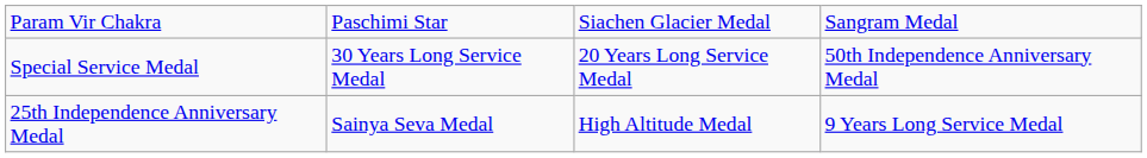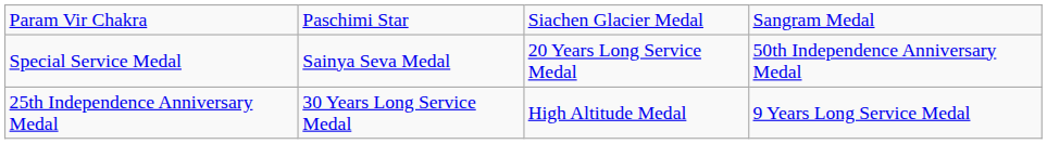 <table class="wikitable">
 <tr>
 <td><a href='#'>Param Vir Chakra</a></td>
 <td><a href='#'>Paschimi Star</a></td>
 <td><a href='#'>Siachen Glacier Medal</a></td>
 <td><a href='#'>Sangram Medal</a></td>
 </tr>
 <tr>
 <td><a href='#'>Special Service Medal</a></td>
-<td><a href='#'>30 Years Long Service Medal</a></td>
+<td><a href='#'>Sainya Seva Medal</a></td>
 <td><a href='#'>20 Years Long Service Medal</a></td>
 <td><a href='#'>50th Independence Anniversary Medal</a></td>
 </tr>
 <tr>
 <td><a href='#'>25th Independence Anniversary Medal</a></td>
-<td><a href='#'>Sainya Seva Medal</a></td>
+<td><a href='#'>30 Years Long Service Medal</a></td>
 <td><a href='#'>High Altitude Medal</a></td>
 <td><a href='#'>9 Years Long Service Medal</a></td>
 </tr>
 </table>
